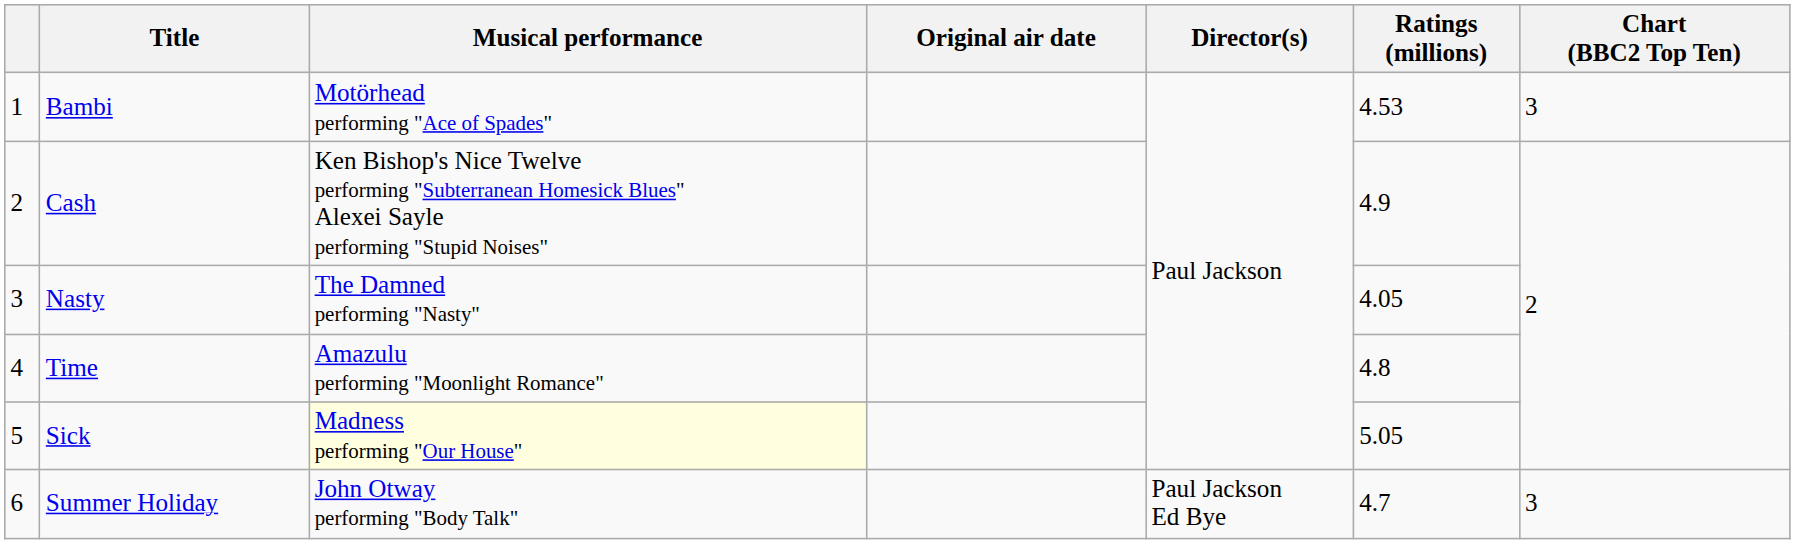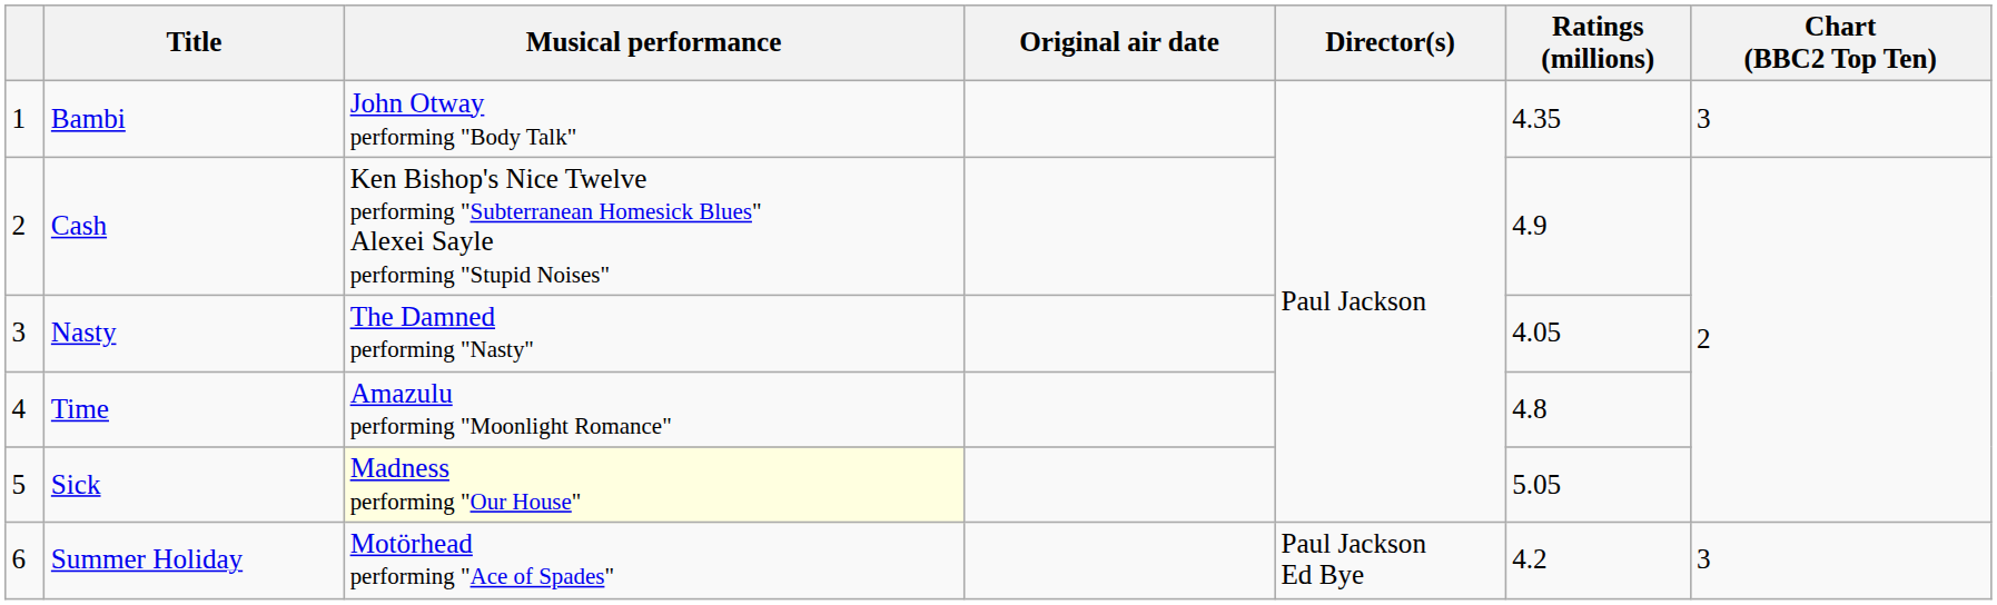 <table class="wikitable sortable" style="width:90%;">
 <tr>
 <th></th>
 <th>Title</th>
 <th>Musical performance</th>
 <th>Original air date</th>
 <th>Director(s)</th>
 <th>Ratings<br>(millions)</th>
 <th>Chart<br>(BBC2 Top Ten)</th>
 </tr>
 <tr>
 <td>1</td>
 <td><a href='#'>Bambi</a></td>
-<td><a href='#'>Motörhead</a><br><small>performing "<a href='#'>Ace of Spades</a>"</small></td>
+<td><a href='#'>John Otway</a><br><small>performing "Body Talk"</small></td>
 <td></td>
 <td rowspan="5">Paul Jackson</td>
-<td>4.53</td>
+<td>4.35</td>
 <td>3</td>
 </tr>
 <tr>
 <td>2</td>
 <td><a href='#'>Cash</a></td>
 <td>Ken Bishop's Nice Twelve<br><small>performing "<a href='#'>Subterranean Homesick Blues</a>"</small><br>Alexei Sayle<br><small>performing "Stupid Noises"</small></td>
 <td></td>
 <td>4.9</td>
 <td rowspan="4">2</td>
 </tr>
 <tr>
 <td>3</td>
 <td><a href='#'>Nasty</a></td>
 <td><a href='#'>The Damned</a><br><small>performing "Nasty"</small></td>
 <td></td>
 <td>4.05</td>
 </tr>
 <tr>
 <td>4</td>
 <td><a href='#'>Time</a></td>
 <td><a href='#'>Amazulu</a><br><small>performing "Moonlight Romance"</small></td>
 <td></td>
 <td>4.8</td>
 </tr>
 <tr>
 <td>5</td>
 <td><a href='#'>Sick</a></td>
 <td style="background: lightyellow;"><a href='#'>Madness</a><br><small>performing "<a href='#'>Our House</a>"</small></td>
 <td></td>
 <td>5.05</td>
 </tr>
 <tr>
 <td>6</td>
 <td><a href='#'>Summer Holiday</a></td>
-<td><a href='#'>John Otway</a><br><small>performing "Body Talk"</small></td>
+<td><a href='#'>Motörhead</a><br><small>performing "<a href='#'>Ace of Spades</a>"</small></td>
 <td></td>
 <td>Paul Jackson<br>Ed Bye</td>
-<td>4.7</td>
+<td>4.2</td>
 <td>3</td>
 </tr>
 </table>
